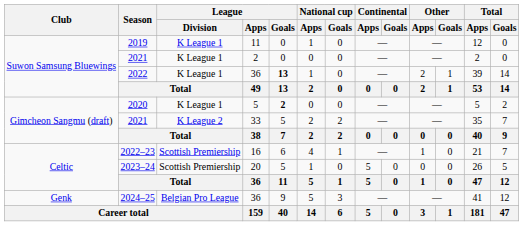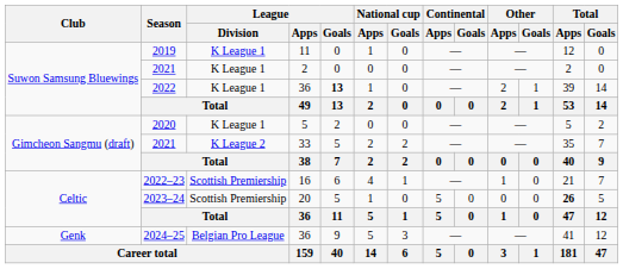 <table class="wikitable" style="text-align:center">
 <tr>
 <th rowspan="2">Club</th>
 <th rowspan="2">Season</th>
 <th colspan="3">League</th>
 <th colspan="2">National cup</th>
 <th colspan="2">Continental</th>
 <th colspan="2">Other</th>
 <th colspan="2">Total</th>
 </tr>
 <tr>
 <th>Division</th>
 <th>Apps</th>
 <th>Goals</th>
 <th>Apps</th>
 <th>Goals</th>
 <th>Apps</th>
 <th>Goals</th>
 <th>Apps</th>
 <th>Goals</th>
 <th>Apps</th>
 <th>Goals</th>
 </tr>
 <tr>
 <td rowspan="4"><a href='#'>Suwon Samsung Bluewings</a></td>
 <td><a href='#'>2019</a></td>
 <td><a href='#'>K League 1</a></td>
 <td>11</td>
 <td>0</td>
 <td>1</td>
 <td>0</td>
 <td colspan="2">—</td>
 <td colspan="2">—</td>
 <td>12</td>
 <td>0</td>
 </tr>
 <tr>
 <td><a href='#'>2021</a></td>
 <td>K League 1</td>
 <td>2</td>
 <td>0</td>
 <td>0</td>
 <td>0</td>
 <td colspan="2">—</td>
 <td colspan="2">—</td>
 <td>2</td>
 <td>0</td>
 </tr>
 <tr>
 <td><a href='#'>2022</a></td>
 <td>K League 1</td>
 <td>36</td>
 <td><strong>13</strong></td>
 <td>1</td>
 <td>0</td>
 <td colspan="2">—</td>
 <td>2</td>
 <td>1</td>
 <td>39</td>
 <td>14</td>
 </tr>
 <tr>
 <th colspan="2">Total</th>
 <th>49</th>
 <th>13</th>
 <th>2</th>
 <th>0</th>
 <th>0</th>
 <th>0</th>
 <th>2</th>
 <th>1</th>
 <th>53</th>
 <th>14</th>
 </tr>
 <tr>
 <td rowspan="3"><a href='#'>Gimcheon Sangmu</a> (<a href='#'>draft</a>)</td>
 <td><a href='#'>2020</a></td>
 <td>K League 1</td>
 <td>5</td>
-<td><strong>2</strong></td>
+<td>2</td>
 <td>0</td>
 <td>0</td>
 <td colspan="2">—</td>
 <td colspan="2">—</td>
 <td>5</td>
 <td>2</td>
 </tr>
 <tr>
 <td><a href='#'>2021</a></td>
 <td><a href='#'>K League 2</a></td>
 <td>33</td>
 <td>5</td>
 <td>2</td>
 <td>2</td>
 <td colspan="2">—</td>
 <td colspan="2">—</td>
 <td>35</td>
 <td>7</td>
 </tr>
 <tr>
 <th colspan="2">Total</th>
 <th>38</th>
 <th>7</th>
 <th>2</th>
 <th>2</th>
 <th>0</th>
 <th>0</th>
 <th>0</th>
 <th>0</th>
 <th>40</th>
 <th>9</th>
 </tr>
 <tr>
 <td rowspan="3"><a href='#'>Celtic</a></td>
 <td><a href='#'>2022–23</a></td>
 <td><a href='#'>Scottish Premiership</a></td>
 <td>16</td>
 <td>6</td>
 <td>4</td>
 <td>1</td>
 <td colspan="2">—</td>
 <td>1</td>
 <td>0</td>
 <td>21</td>
 <td>7</td>
 </tr>
 <tr>
 <td><a href='#'>2023–24</a></td>
 <td>Scottish Premiership</td>
 <td>20</td>
 <td>5</td>
 <td>1</td>
 <td>0</td>
 <td>5</td>
 <td>0</td>
 <td>0</td>
 <td>0</td>
-<td>26</td>
+<td><strong>26</strong></td>
 <td>5</td>
 </tr>
 <tr>
 <th colspan="2">Total</th>
 <th>36</th>
 <th>11</th>
 <th>5</th>
 <th>1</th>
 <th>5</th>
 <th>0</th>
 <th>1</th>
 <th>0</th>
 <th>47</th>
 <th>12</th>
 </tr>
 <tr>
 <td><a href='#'>Genk</a></td>
 <td><a href='#'>2024–25</a></td>
 <td><a href='#'>Belgian Pro League</a></td>
 <td>36</td>
 <td>9</td>
 <td>5</td>
 <td>3</td>
 <td colspan="2">—</td>
 <td colspan="2">—</td>
 <td>41</td>
 <td>12</td>
 </tr>
 <tr>
 <th colspan="3">Career total</th>
 <th>159</th>
 <th>40</th>
 <th>14</th>
 <th>6</th>
 <th>5</th>
 <th>0</th>
 <th>3</th>
 <th>1</th>
 <th>181</th>
 <th>47</th>
 </tr>
 </table>
